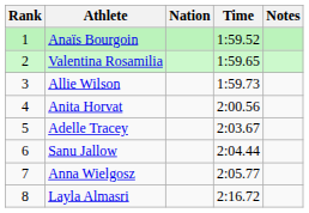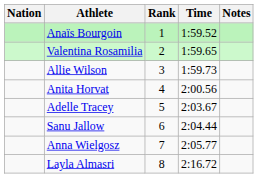 <table class="wikitable sortable" style="text-align:center;">
 <tr>
+<th>Nation</th>
+<th>Athlete</th>
 <th>Rank</th>
-<th>Athlete</th>
-<th>Nation</th>
 <th>Time</th>
 <th>Notes</th>
 </tr>
 <tr bgcolor=bbf3bb>
+<td align=left></td>
+<td align=left><a href='#'>Anaïs Bourgoin</a></td>
 <td>1</td>
-<td align=left><a href='#'>Anaïs Bourgoin</a></td>
-<td align=left></td>
 <td>1:59.52</td>
 <td></td>
 </tr>
 <tr bgcolor=ccf9cc>
+<td align=left></td>
+<td align=left><a href='#'>Valentina Rosamilia</a></td>
 <td>2</td>
-<td align=left><a href='#'>Valentina Rosamilia</a></td>
-<td align=left></td>
 <td>1:59.65</td>
 <td></td>
 </tr>
 <tr>
+<td align=left></td>
+<td align=left><a href='#'>Allie Wilson</a></td>
 <td>3</td>
-<td align=left><a href='#'>Allie Wilson</a></td>
-<td align=left></td>
 <td>1:59.73</td>
 <td></td>
 </tr>
 <tr>
+<td align=left></td>
+<td align=left><a href='#'>Anita Horvat</a></td>
 <td>4</td>
-<td align=left><a href='#'>Anita Horvat</a></td>
-<td align=left></td>
 <td>2:00.56</td>
 <td></td>
 </tr>
 <tr>
+<td align=left></td>
+<td align=left><a href='#'>Adelle Tracey</a></td>
 <td>5</td>
-<td align=left><a href='#'>Adelle Tracey</a></td>
-<td align=left></td>
 <td>2:03.67</td>
 <td></td>
 </tr>
 <tr>
+<td align=left></td>
+<td align=left><a href='#'>Sanu Jallow</a></td>
 <td>6</td>
-<td align=left><a href='#'>Sanu Jallow</a></td>
-<td align=left></td>
 <td>2:04.44</td>
 <td></td>
 </tr>
 <tr>
+<td align=left></td>
+<td align=left><a href='#'>Anna Wielgosz</a></td>
 <td>7</td>
-<td align=left><a href='#'>Anna Wielgosz</a></td>
-<td align=left></td>
 <td>2:05.77</td>
 <td></td>
 </tr>
 <tr>
+<td align=left></td>
+<td align=left><a href='#'>Layla Almasri</a></td>
 <td>8</td>
-<td align=left><a href='#'>Layla Almasri</a></td>
-<td align=left></td>
 <td>2:16.72</td>
 <td></td>
 </tr>
 </table>
